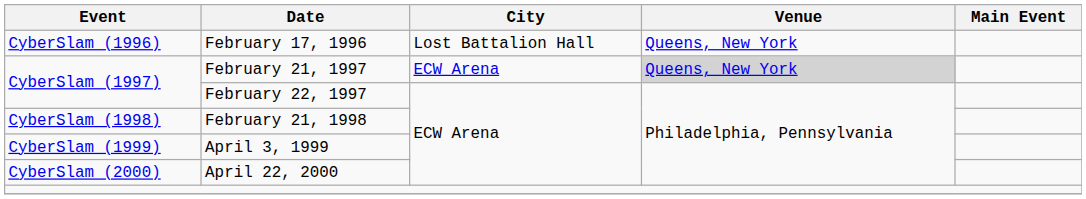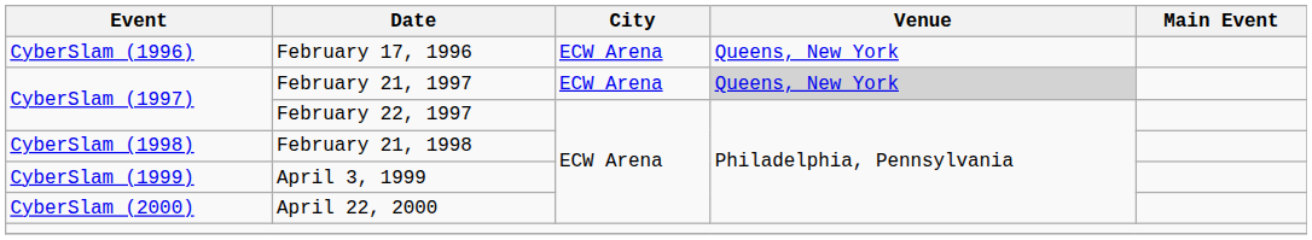 <table class="wikitable sortable" style="align: center" width=100%>
 <tr>
 <th>Event</th>
 <th>Date</th>
 <th>City</th>
 <th>Venue</th>
 <th>Main Event</th>
 </tr>
 <tr>
 <td><a href='#'>CyberSlam (1996)</a></td>
 <td>February 17, 1996</td>
-<td>Lost Battalion Hall</td>
+<td><a href='#'>ECW Arena</a></td>
 <td><a href='#'>Queens, New York</a></td>
 <td></td>
 </tr>
 <tr>
 <td rowspan="2"><a href='#'>CyberSlam (1997)</a></td>
 <td>February 21, 1997</td>
 <td><a href='#'>ECW Arena</a></td>
 <td style="background: lightgrey;"><a href='#'>Queens, New York</a></td>
 <td></td>
 </tr>
 <tr>
 <td>February 22, 1997</td>
 <td rowspan="4">ECW Arena</td>
 <td rowspan="4">Philadelphia, Pennsylvania</td>
 <td></td>
 </tr>
 <tr>
 <td><a href='#'>CyberSlam (1998)</a></td>
 <td>February 21, 1998</td>
 <td></td>
 </tr>
 <tr>
 <td><a href='#'>CyberSlam (1999)</a></td>
 <td>April 3, 1999</td>
 <td></td>
 </tr>
 <tr>
 <td><a href='#'>CyberSlam (2000)</a></td>
 <td>April 22, 2000</td>
 <td></td>
 </tr>
 <tr>
 <td colspan="10"></td>
 </tr>
 <tr>
 </tr>
 </table>
